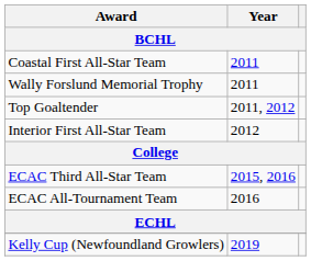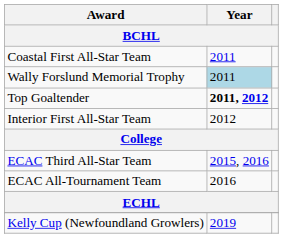 <table class="wikitable">
 <tr>
 <th>Award</th>
 <th>Year</th>
 <th></th>
 </tr>
 <tr>
 <th colspan="3"><a href='#'>BCHL</a></th>
 </tr>
 <tr>
 <td>Coastal First All-Star Team</td>
 <td><a href='#'>2011</a></td>
 <td></td>
 </tr>
 <tr>
 <td>Wally Forslund Memorial Trophy</td>
-<td>2011</td>
+<td style="background: lightblue;">2011</td>
 <td></td>
 </tr>
 <tr>
 <td>Top Goaltender</td>
-<td>2011, <a href='#'>2012</a></td>
+<td><strong>2011, <a href='#'>2012</a></strong></td>
 <td></td>
 </tr>
 <tr>
 <td>Interior First All-Star Team</td>
 <td>2012</td>
 <td></td>
 </tr>
 <tr>
 <th colspan="3"><a href='#'>College</a></th>
 </tr>
 <tr>
 <td><a href='#'>ECAC</a> Third All-Star Team</td>
 <td><a href='#'>2015</a>, <a href='#'>2016</a></td>
 <td></td>
 </tr>
 <tr>
 <td>ECAC All-Tournament Team</td>
 <td>2016</td>
 <td></td>
 </tr>
 <tr>
 <th colspan=3><a href='#'>ECHL</a></th>
 </tr>
 <tr>
 </tr>
 <tr>
 <td><a href='#'>Kelly Cup</a> (Newfoundland Growlers)</td>
 <td><a href='#'>2019</a></td>
 <td></td>
 </tr>
 </table>
